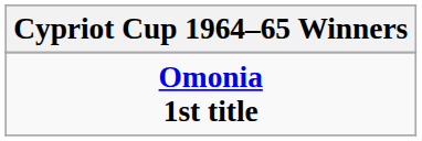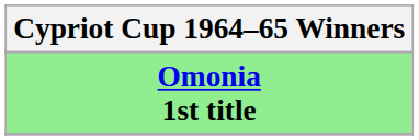 <table class="wikitable" style="text-align:center;margin: 0 auto;">
 <tr>
 <th>Cypriot Cup 1964–65 Winners</th>
 </tr>
 <tr>
 </tr>
 <tr>
-<td><strong><a href='#'>Omonia</a></strong><br><strong>1st title</strong></td>
+<td style="background: lightgreen;"><strong><a href='#'>Omonia</a></strong><br><strong>1st title</strong></td>
 </tr>
 </table>
